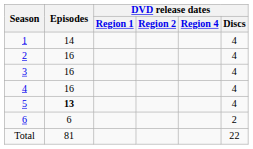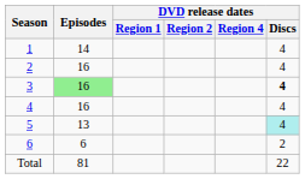 <table class="wikitable plainrowheaders" style="text-align: center;">
 <tr>
 <th scope="col" style="padding: 0px 8px" rowspan="2">Season</th>
 <th scope="col" style="padding: 0px 8px" rowspan="2">Episodes</th>
 <th scope="col" style="padding: 0px 8px" colspan="4"><a href='#'>DVD</a> release dates</th>
 </tr>
 <tr>
 <th scope="col"><a href='#'>Region 1</a></th>
 <th scope="col"><a href='#'>Region 2</a></th>
 <th scope="col"><a href='#'>Region 4</a></th>
 <th scope="col">Discs</th>
 </tr>
 <tr>
 <td scope="row"><a href='#'>1</a></td>
 <td>14</td>
 <td></td>
 <td></td>
 <td></td>
 <td>4</td>
 </tr>
 <tr>
 <td scope="row"><a href='#'>2</a></td>
 <td>16</td>
 <td></td>
 <td></td>
 <td></td>
 <td>4</td>
 </tr>
 <tr>
 <td scope="row"><a href='#'>3</a></td>
-<td>16</td>
+<td style="background: lightgreen;">16</td>
 <td></td>
 <td></td>
 <td></td>
-<td>4</td>
+<td><strong>4</strong></td>
 </tr>
 <tr>
 <td scope="row"><a href='#'>4</a></td>
 <td>16</td>
 <td></td>
 <td></td>
 <td></td>
 <td>4</td>
 </tr>
 <tr>
 <td scope="row"><a href='#'>5</a></td>
-<td><strong>13</strong></td>
+<td>13</td>
 <td></td>
 <td></td>
 <td></td>
-<td>4</td>
+<td style="background: paleturquoise;">4</td>
 </tr>
 <tr>
 <td scope="row"><a href='#'>6</a></td>
 <td>6</td>
 <td></td>
 <td></td>
 <td></td>
 <td>2</td>
 </tr>
 <tr>
 <td scope="row">Total</td>
 <td>81</td>
 <td></td>
 <td></td>
 <td></td>
 <td>22</td>
 </tr>
 </table>
